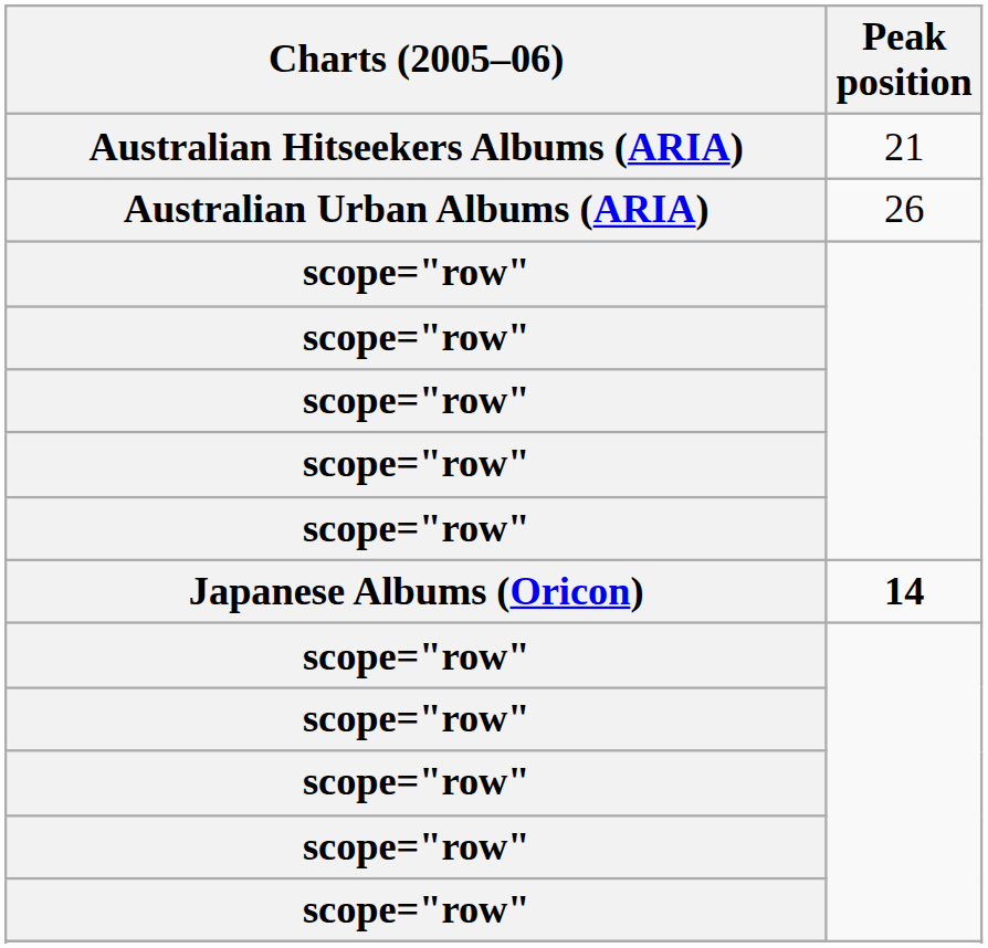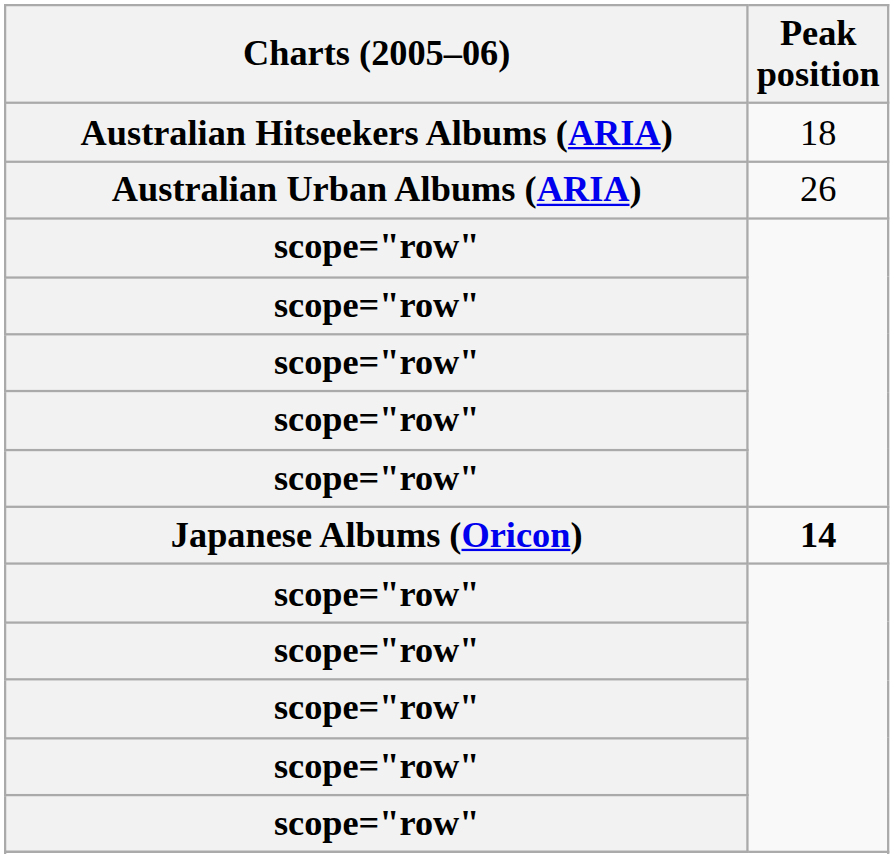 <table class="wikitable plainrowheaders sortable" style="text-align:center;">
 <tr>
 <th scope="col" style="width:20em;">Charts (2005–06)</th>
 <th scope="col">Peak<br>position</th>
 </tr>
 <tr>
 <th scope="row">Australian Hitseekers Albums (<a href='#'>ARIA</a>)</th>
-<td>21</td>
+<td>18</td>
 </tr>
 <tr>
 <th scope="row">Australian Urban Albums (<a href='#'>ARIA</a>)</th>
 <td>26</td>
 </tr>
 <tr>
 <th>scope="row" </th>
 </tr>
 <tr>
 <th>scope="row" </th>
 </tr>
 <tr>
 <th>scope="row" </th>
 </tr>
 <tr>
 <th>scope="row" </th>
 </tr>
 <tr>
 <th>scope="row" </th>
 </tr>
 <tr>
 <th scope="row">Japanese Albums (<a href='#'>Oricon</a>)</th>
 <td><strong>14</strong></td>
 </tr>
 <tr>
 <th>scope="row" </th>
 </tr>
 <tr>
 <th>scope="row" </th>
 </tr>
 <tr>
 <th>scope="row" </th>
 </tr>
 <tr>
 <th>scope="row" </th>
 </tr>
 <tr>
 <th>scope="row" </th>
 </tr>
 <tr>
 </tr>
 <tr>
 </tr>
 </table>
